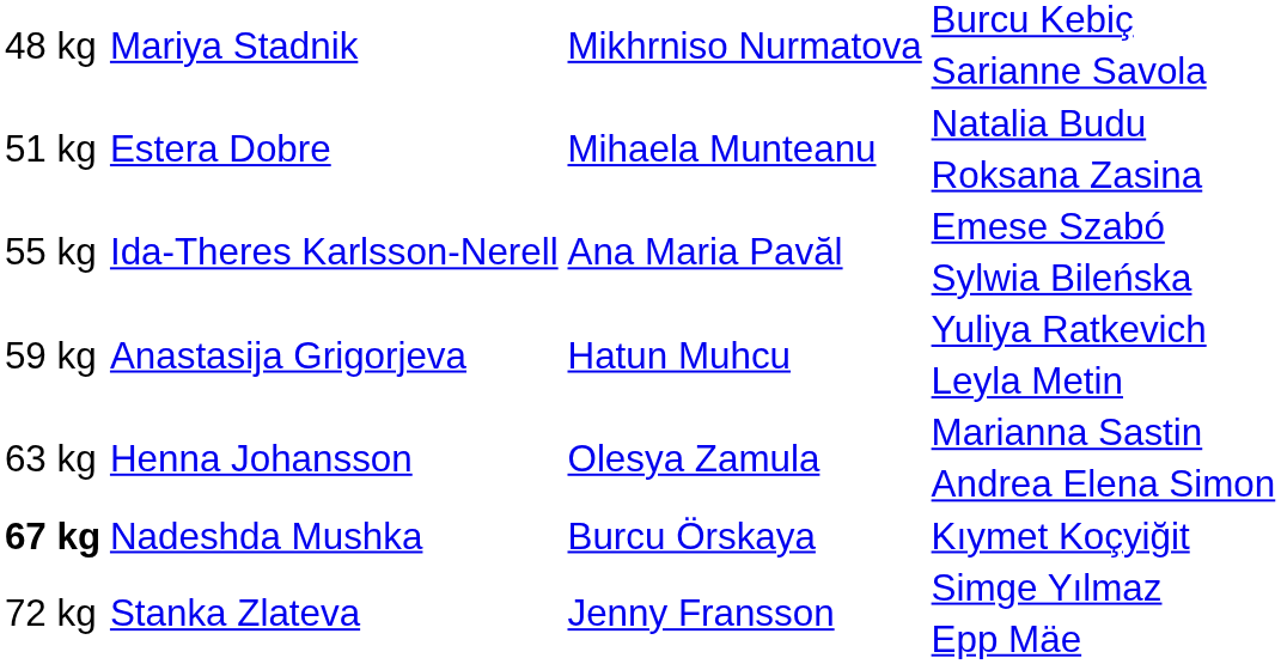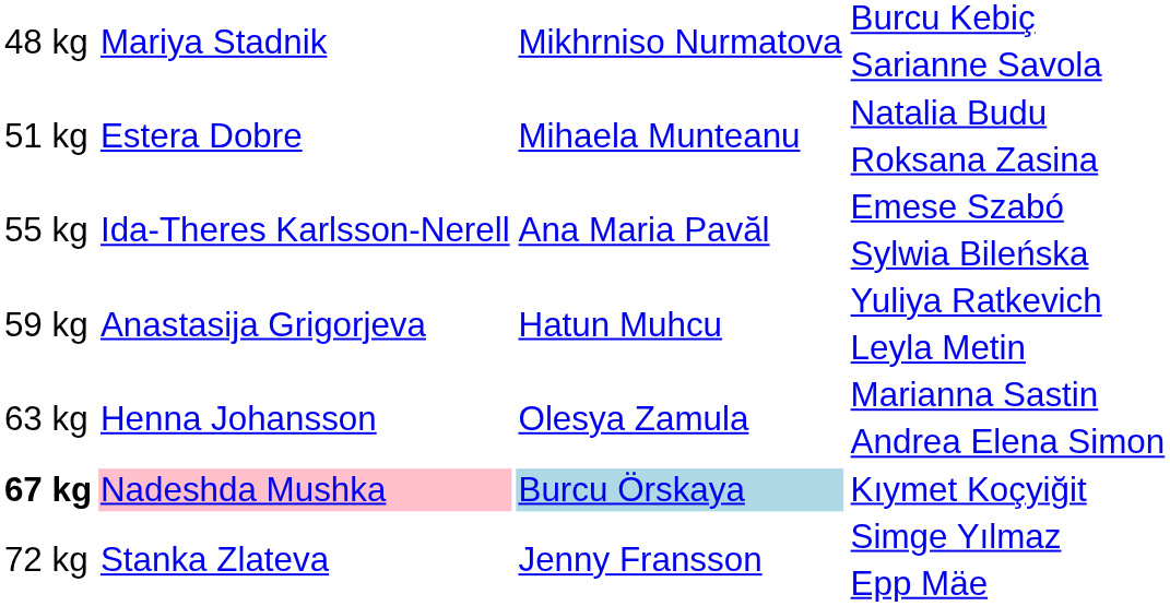 <table>
 <tr>
 <td rowspan=2>48 kg</td>
 <td rowspan=2> <a href='#'>Mariya Stadnik</a></td>
 <td rowspan=2> <a href='#'>Mikhrniso Nurmatova</a></td>
 <td> <a href='#'>Burcu Kebiç</a></td>
 </tr>
 <tr>
 <td> <a href='#'>Sarianne Savola</a></td>
 </tr>
 <tr>
 <td rowspan=2>51 kg</td>
 <td rowspan=2> <a href='#'>Estera Dobre</a></td>
 <td rowspan=2> <a href='#'>Mihaela Munteanu</a></td>
 <td> <a href='#'>Natalia Budu</a></td>
 </tr>
 <tr>
 <td> <a href='#'>Roksana Zasina</a></td>
 </tr>
 <tr>
 <td rowspan=2>55 kg</td>
 <td rowspan=2> <a href='#'>Ida-Theres Karlsson-Nerell</a></td>
 <td rowspan=2> <a href='#'>Ana Maria Pavăl</a></td>
 <td> <a href='#'>Emese Szabó</a></td>
 </tr>
 <tr>
 <td> <a href='#'>Sylwia Bileńska</a></td>
 </tr>
 <tr>
 <td rowspan=2>59 kg</td>
 <td rowspan=2> <a href='#'>Anastasija Grigorjeva</a></td>
 <td rowspan=2> <a href='#'>Hatun Muhcu</a></td>
 <td> <a href='#'>Yuliya Ratkevich</a></td>
 </tr>
 <tr>
 <td> <a href='#'>Leyla Metin</a></td>
 </tr>
 <tr>
 <td rowspan=2>63 kg</td>
 <td rowspan=2> <a href='#'>Henna Johansson</a></td>
 <td rowspan=2> <a href='#'>Olesya Zamula</a></td>
 <td> <a href='#'>Marianna Sastin</a></td>
 </tr>
 <tr>
 <td> <a href='#'>Andrea Elena Simon</a></td>
 </tr>
 <tr>
 <td><strong>67 kg</strong></td>
-<td> <a href='#'>Nadeshda Mushka</a></td>
-<td> <a href='#'>Burcu Örskaya</a></td>
+<td style="background: pink;"> <a href='#'>Nadeshda Mushka</a></td>
+<td style="background: lightblue;"> <a href='#'>Burcu Örskaya</a></td>
 <td> <a href='#'>Kıymet Koçyiğit</a></td>
 </tr>
 <tr>
 <td rowspan=2>72 kg</td>
 <td rowspan=2> <a href='#'>Stanka Zlateva</a></td>
 <td rowspan=2> <a href='#'>Jenny Fransson</a></td>
 <td> <a href='#'>Simge Yılmaz</a></td>
 </tr>
 <tr>
 <td> <a href='#'>Epp Mäe</a></td>
 </tr>
 </table>
